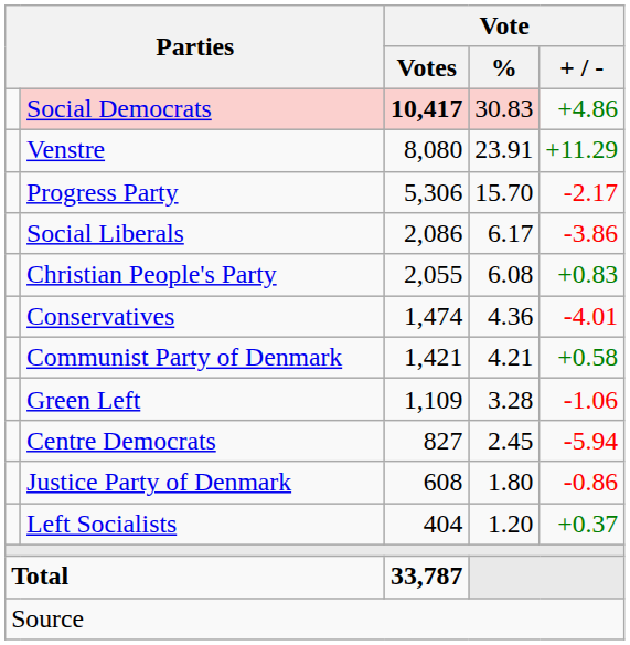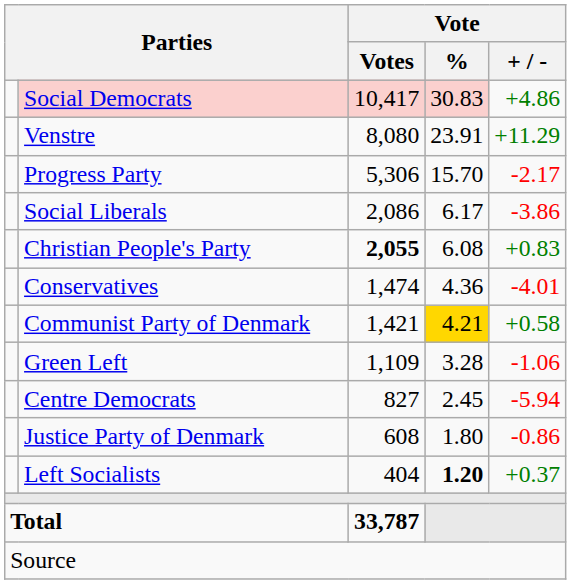 <table class="wikitable" style="text-align:right;">
 <tr>
 <th style="text-align:centre;" rowspan="2" colspan="2" width="225">Parties</th>
 <th colspan="3">Vote</th>
 </tr>
 <tr>
 <th width="15">Votes</th>
 <th width="15">%</th>
 <th width="15">+ / -</th>
 </tr>
 <tr>
 <td width="2" style="color:inherit;background:"></td>
 <td bgcolor=#fbd0ce  align="left"><a href='#'>Social Democrats</a></td>
-<td bgcolor=#fbd0ce><strong>10,417</strong></td>
+<td bgcolor=#fbd0ce>10,417</td>
 <td bgcolor=#fbd0ce>30.83</td>
 <td style=color:green;>+4.86</td>
 </tr>
 <tr>
 <td width="2" style="color:inherit;background:"></td>
 <td align="left"><a href='#'>Venstre</a></td>
 <td>8,080</td>
 <td>23.91</td>
 <td style=color:green;>+11.29</td>
 </tr>
 <tr>
 <td width="2" style="color:inherit;background:"></td>
 <td align="left"><a href='#'>Progress Party</a></td>
 <td>5,306</td>
 <td>15.70</td>
 <td style=color:red;>-2.17</td>
 </tr>
 <tr>
 <td width="2" style="color:inherit;background:"></td>
 <td align="left"><a href='#'>Social Liberals</a></td>
 <td>2,086</td>
 <td>6.17</td>
 <td style=color:red;>-3.86</td>
 </tr>
 <tr>
 <td width="2" style="color:inherit;background:"></td>
 <td align="left"><a href='#'>Christian People's Party</a></td>
-<td>2,055</td>
+<td><strong>2,055</strong></td>
 <td>6.08</td>
 <td style=color:green;>+0.83</td>
 </tr>
 <tr>
 <td width="2" style="color:inherit;background:"></td>
 <td align="left"><a href='#'>Conservatives</a></td>
 <td>1,474</td>
 <td>4.36</td>
 <td style=color:red;>-4.01</td>
 </tr>
 <tr>
 <td width="2" style="color:inherit;background:"></td>
 <td align="left"><a href='#'>Communist Party of Denmark</a></td>
 <td>1,421</td>
-<td>4.21</td>
+<td style="background: gold;">4.21</td>
 <td style=color:green;>+0.58</td>
 </tr>
 <tr>
 <td width="2" style="color:inherit;background:"></td>
 <td align="left"><a href='#'>Green Left</a></td>
 <td>1,109</td>
 <td>3.28</td>
 <td style=color:red;>-1.06</td>
 </tr>
 <tr>
 <td width="2" style="color:inherit;background:"></td>
 <td align="left"><a href='#'>Centre Democrats</a></td>
 <td>827</td>
 <td>2.45</td>
 <td style=color:red;>-5.94</td>
 </tr>
 <tr>
 <td width="2" style="color:inherit;background:"></td>
 <td align="left"><a href='#'>Justice Party of Denmark</a></td>
 <td>608</td>
 <td>1.80</td>
 <td style=color:red;>-0.86</td>
 </tr>
 <tr>
 <td width="2" style="color:inherit;background:"></td>
 <td align="left"><a href='#'>Left Socialists</a></td>
 <td>404</td>
-<td>1.20</td>
+<td><strong>1.20</strong></td>
 <td style=color:green;>+0.37</td>
 </tr>
 <tr>
 <td colspan="7" bgcolor="#E9E9E9"></td>
 </tr>
 <tr>
 <td align="left" colspan="2"><strong>Total</strong></td>
 <td><strong>33,787</strong></td>
 <td bgcolor="#E9E9E9" colspan="2"></td>
 </tr>
 <tr>
 <td align="left" colspan="6">Source</td>
 </tr>
 </table>
